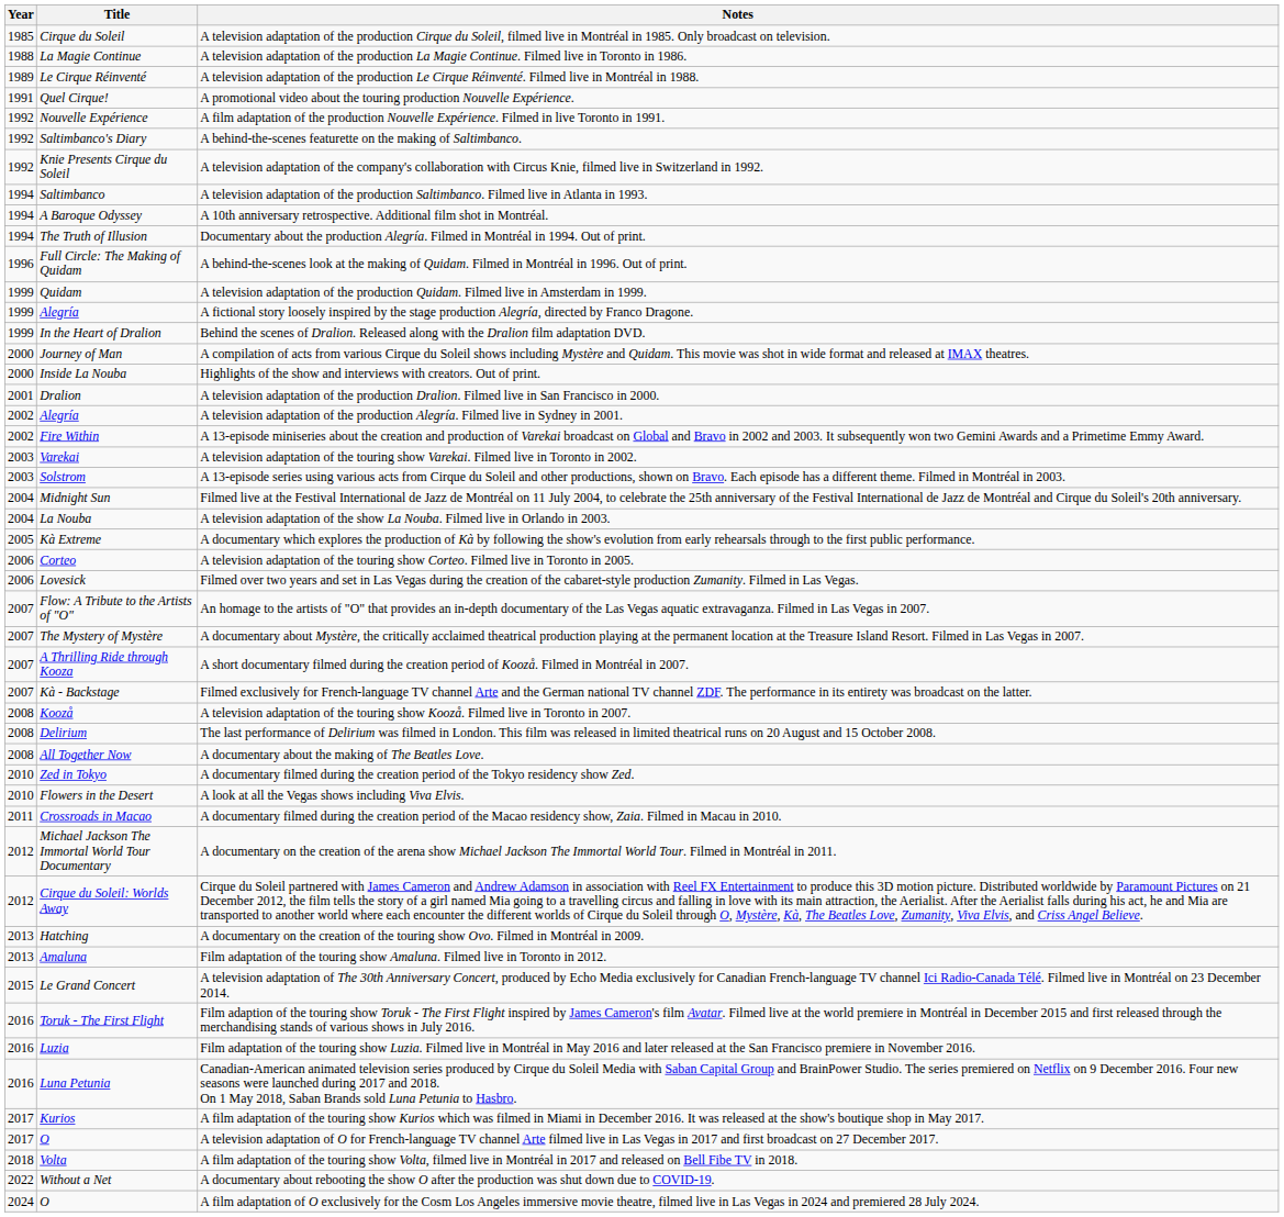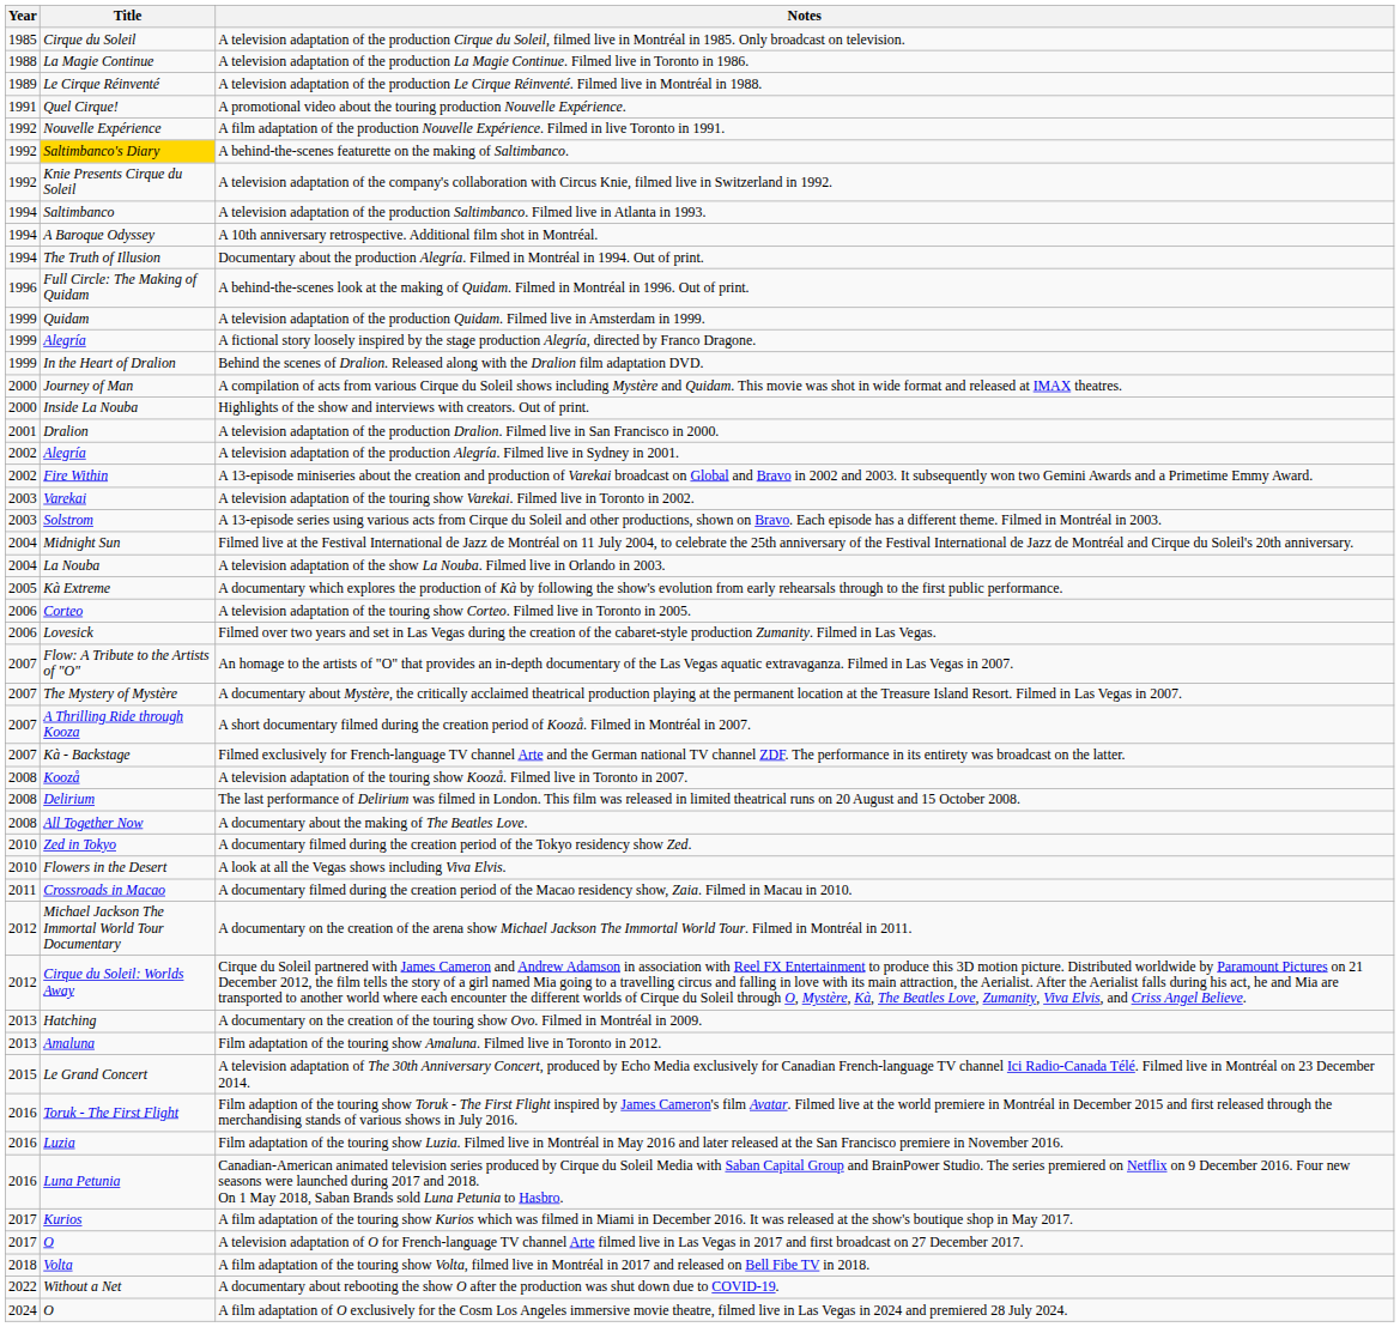 <table class="wikitable mw-collapsible mw-collapsed">
 <tr>
 <th>Year</th>
 <th width="190">Title</th>
 <th>Notes</th>
 </tr>
 <tr>
 <td>1985</td>
 <td><em>Cirque du Soleil</em></td>
 <td>A television adaptation of the production <em>Cirque du Soleil</em>, filmed live in Montréal in 1985. Only broadcast on television.</td>
 </tr>
 <tr>
 <td>1988</td>
 <td><em>La Magie Continue</em></td>
 <td>A television adaptation of the production <em>La Magie Continue</em>. Filmed live in Toronto in 1986.</td>
 </tr>
 <tr>
 <td>1989</td>
 <td><em>Le Cirque Réinventé</em></td>
 <td>A television adaptation of the production <em>Le Cirque Réinventé</em>. Filmed live in Montréal in 1988.</td>
 </tr>
 <tr>
 <td>1991</td>
 <td><em>Quel Cirque!</em></td>
 <td>A promotional video about the touring production <em>Nouvelle Expérience</em>.</td>
 </tr>
 <tr>
 <td>1992</td>
 <td><em>Nouvelle Expérience</em></td>
 <td>A film adaptation of the production <em>Nouvelle Expérience</em>. Filmed in live Toronto in 1991.</td>
 </tr>
 <tr>
 <td>1992</td>
-<td><em>Saltimbanco's Diary</em></td>
+<td style="background: gold;"><em>Saltimbanco's Diary</em></td>
 <td>A behind-the-scenes featurette on the making of <em>Saltimbanco</em>.</td>
 </tr>
 <tr>
 <td>1992</td>
 <td><em>Knie Presents Cirque du Soleil</em></td>
 <td>A television adaptation of the company's collaboration with Circus Knie, filmed live in Switzerland in 1992.</td>
 </tr>
 <tr>
 <td>1994</td>
 <td><em>Saltimbanco</em></td>
 <td>A television adaptation of the production <em>Saltimbanco</em>. Filmed live in Atlanta in 1993.</td>
 </tr>
 <tr>
 <td>1994</td>
 <td><em>A Baroque Odyssey</em></td>
 <td>A 10th anniversary retrospective. Additional film shot in Montréal.</td>
 </tr>
 <tr>
 <td>1994</td>
 <td><em>The Truth of Illusion</em></td>
 <td>Documentary about the production <em>Alegría</em>. Filmed in Montréal in 1994. Out of print.</td>
 </tr>
 <tr>
 <td>1996</td>
 <td><em>Full Circle: The Making of Quidam</em></td>
 <td>A behind-the-scenes look at the making of <em>Quidam</em>. Filmed in Montréal in 1996. Out of print.</td>
 </tr>
 <tr>
 <td>1999</td>
 <td><em>Quidam</em></td>
 <td>A television adaptation of the production <em>Quidam</em>. Filmed live in Amsterdam in 1999.</td>
 </tr>
 <tr>
 <td>1999</td>
 <td><em><a href='#'>Alegría</a></em></td>
 <td>A fictional story loosely inspired by the stage production <em>Alegría</em>, directed by Franco Dragone.</td>
 </tr>
 <tr>
 <td>1999</td>
 <td><em>In the Heart of Dralion</em></td>
 <td>Behind the scenes of <em>Dralion</em>. Released along with the <em>Dralion</em> film adaptation DVD.</td>
 </tr>
 <tr>
 <td>2000</td>
 <td><em>Journey of Man</em></td>
 <td>A compilation of acts from various Cirque du Soleil shows including <em>Mystère</em> and <em>Quidam</em>. This movie was shot in wide format and released at <a href='#'>IMAX</a> theatres.</td>
 </tr>
 <tr>
 <td>2000</td>
 <td><em>Inside La Nouba</em></td>
 <td>Highlights of the show and interviews with creators. Out of print.</td>
 </tr>
 <tr>
 <td>2001</td>
 <td><em>Dralion</em></td>
 <td>A television adaptation of the production <em>Dralion</em>. Filmed live in San Francisco in 2000.</td>
 </tr>
 <tr>
 <td>2002</td>
 <td><em><a href='#'>Alegría</a></em></td>
 <td>A television adaptation of the production <em>Alegría</em>. Filmed live in Sydney in 2001.</td>
 </tr>
 <tr>
 <td>2002</td>
 <td><em><a href='#'>Fire Within</a></em></td>
 <td>A 13-episode miniseries about the creation and production of <em>Varekai</em> broadcast on <a href='#'>Global</a> and <a href='#'>Bravo</a> in 2002 and 2003. It subsequently won two Gemini Awards and a Primetime Emmy Award.</td>
 </tr>
 <tr>
 <td>2003</td>
 <td><em><a href='#'>Varekai</a></em></td>
 <td>A television adaptation of the touring show <em>Varekai</em>. Filmed live in Toronto in 2002.</td>
 </tr>
 <tr>
 <td>2003</td>
 <td><em><a href='#'>Solstrom</a></em></td>
 <td>A 13-episode series using various acts from Cirque du Soleil and other productions, shown on <a href='#'>Bravo</a>. Each episode has a different theme. Filmed in Montréal in 2003.</td>
 </tr>
 <tr>
 <td>2004</td>
 <td><em>Midnight Sun</em></td>
 <td>Filmed live at the Festival International de Jazz de Montréal on 11 July 2004, to celebrate the 25th anniversary of the Festival International de Jazz de Montréal and Cirque du Soleil's 20th anniversary.</td>
 </tr>
 <tr>
 <td>2004</td>
 <td><em>La Nouba</em></td>
 <td>A television adaptation of the show <em>La Nouba</em>. Filmed live in Orlando in 2003.</td>
 </tr>
 <tr>
 <td>2005</td>
 <td><em>Kà Extreme</em></td>
 <td>A documentary which explores the production of <em>Kà</em> by following the show's evolution from early rehearsals through to the first public performance.</td>
 </tr>
 <tr>
 <td>2006</td>
 <td><em><a href='#'>Corteo</a></em></td>
 <td>A television adaptation of the touring show <em>Corteo</em>. Filmed live in Toronto in 2005.</td>
 </tr>
 <tr>
 <td>2006</td>
 <td><em>Lovesick</em></td>
 <td>Filmed over two years and set in Las Vegas during the creation of the cabaret-style production <em>Zumanity</em>. Filmed in Las Vegas.</td>
 </tr>
 <tr>
 <td>2007</td>
 <td><em>Flow: A Tribute to the Artists of "O"</em></td>
 <td>An homage to the artists of "O" that provides an in-depth documentary of the Las Vegas aquatic extravaganza. Filmed in Las Vegas in 2007.</td>
 </tr>
 <tr>
 <td>2007</td>
 <td><em>The Mystery of Mystère</em></td>
 <td>A documentary about <em>Mystère</em>, the critically acclaimed theatrical production playing at the permanent location at the Treasure Island Resort. Filmed in Las Vegas in 2007.</td>
 </tr>
 <tr>
 <td>2007</td>
 <td><em><a href='#'>A Thrilling Ride through Kooza</a></em></td>
 <td>A short documentary filmed during the creation period of <em>Koozå</em>. Filmed in Montréal in 2007.</td>
 </tr>
 <tr>
 <td>2007</td>
 <td><em>Kà - Backstage</em></td>
 <td>Filmed exclusively for French-language TV channel <a href='#'>Arte</a> and the German national TV channel <a href='#'>ZDF</a>. The performance in its entirety was broadcast on the latter.</td>
 </tr>
 <tr>
 <td>2008</td>
 <td><em><a href='#'>Koozå</a></em></td>
 <td>A television adaptation of the touring show <em>Koozå</em>. Filmed live in Toronto in 2007.</td>
 </tr>
 <tr>
 <td>2008</td>
 <td><em><a href='#'>Delirium</a></em></td>
 <td>The last performance of <em>Delirium</em> was filmed in London. This film was released in limited theatrical runs on 20 August and 15 October 2008.</td>
 </tr>
 <tr>
 <td>2008</td>
 <td><em><a href='#'>All Together Now</a></em></td>
 <td>A documentary about the making of <em>The Beatles Love</em>.</td>
 </tr>
 <tr>
 <td>2010</td>
 <td><em><a href='#'>Zed in Tokyo</a></em></td>
 <td>A documentary filmed during the creation period of the Tokyo residency show <em>Zed</em>.</td>
 </tr>
 <tr>
 <td>2010</td>
 <td><em>Flowers in the Desert</em></td>
 <td>A look at all the Vegas shows including <em>Viva Elvis</em>.</td>
 </tr>
 <tr>
 <td>2011</td>
 <td><em><a href='#'>Crossroads in Macao</a></em></td>
 <td>A documentary filmed during the creation period of the Macao residency show, <em>Zaia</em>. Filmed in Macau in 2010.</td>
 </tr>
 <tr>
 <td>2012</td>
 <td><em>Michael Jackson The Immortal World Tour Documentary</em></td>
 <td>A documentary on the creation of the arena show <em>Michael Jackson The Immortal World Tour</em>. Filmed in Montréal in 2011.</td>
 </tr>
 <tr>
 <td>2012</td>
 <td><em><a href='#'>Cirque du Soleil: Worlds Away</a></em></td>
 <td>Cirque du Soleil partnered with <a href='#'>James Cameron</a> and <a href='#'>Andrew Adamson</a> in association with <a href='#'>Reel FX Entertainment</a> to produce this 3D motion picture. Distributed worldwide by <a href='#'>Paramount Pictures</a> on 21 December 2012, the film tells the story of a girl named Mia going to a travelling circus and falling in love with its main attraction, the Aerialist. After the Aerialist falls during his act, he and Mia are transported to another world where each encounter the different worlds of Cirque du Soleil through <em><a href='#'>O</a></em>, <em><a href='#'>Mystère</a></em>, <em><a href='#'>Kà</a></em>, <em><a href='#'>The Beatles Love</a></em>, <em><a href='#'>Zumanity</a></em>, <em><a href='#'>Viva Elvis</a></em>, and <em><a href='#'>Criss Angel Believe</a></em>.</td>
 </tr>
 <tr>
 <td>2013</td>
 <td><em>Hatching</em></td>
 <td>A documentary on the creation of the touring show <em>Ovo</em>. Filmed in Montréal in 2009.</td>
 </tr>
 <tr>
 <td>2013</td>
 <td><em><a href='#'>Amaluna</a></em></td>
 <td>Film adaptation of the touring show <em>Amaluna</em>. Filmed live in Toronto in 2012.</td>
 </tr>
 <tr>
 <td>2015</td>
 <td><em>Le Grand Concert</em></td>
 <td>A television adaptation of <em>The 30th Anniversary Concert</em>, produced by Echo Media exclusively for Canadian French-language TV channel <a href='#'>Ici Radio-Canada Télé</a>. Filmed live in Montréal on 23 December 2014.</td>
 </tr>
 <tr>
 <td>2016</td>
 <td><em><a href='#'>Toruk - The First Flight</a></em></td>
 <td>Film adaption of the touring show <em>Toruk - The First Flight</em> inspired by <a href='#'>James Cameron</a>'s film <em><a href='#'>Avatar</a></em>. Filmed live at the world premiere in Montréal in December 2015 and first released through the merchandising stands of various shows in July 2016.</td>
 </tr>
 <tr>
 <td>2016</td>
 <td><em><a href='#'>Luzia</a></em></td>
 <td>Film adaptation of the touring show <em>Luzia</em>. Filmed live in Montréal in May 2016 and later released at the San Francisco premiere in November 2016.</td>
 </tr>
 <tr>
 <td>2016</td>
 <td><em><a href='#'>Luna Petunia</a></em></td>
 <td>Canadian-American animated television series produced by Cirque du Soleil Media with <a href='#'>Saban Capital Group</a> and BrainPower Studio. The series premiered on <a href='#'>Netflix</a> on 9 December 2016. Four new seasons were launched during 2017 and 2018.<br>On 1 May 2018, Saban Brands sold <em>Luna Petunia</em> to <a href='#'>Hasbro</a>.</td>
 </tr>
 <tr>
 <td>2017</td>
 <td><em><a href='#'>Kurios</a></em></td>
 <td>A film adaptation of the touring show <em>Kurios</em> which was filmed in Miami in December 2016. It was released at the show's boutique shop in May 2017.</td>
 </tr>
 <tr>
 <td>2017</td>
 <td><em><a href='#'>O</a></em></td>
 <td>A television adaptation of <em>O</em> for French-language TV channel <a href='#'>Arte</a> filmed live in Las Vegas in 2017 and first broadcast on 27 December 2017.</td>
 </tr>
 <tr>
 <td>2018</td>
 <td><em><a href='#'>Volta</a></em></td>
 <td>A film adaptation of the touring show <em>Volta</em>, filmed live in Montréal in 2017 and released on <a href='#'>Bell Fibe TV</a> in 2018.</td>
 </tr>
 <tr>
 <td>2022</td>
 <td><em>Without a Net</em></td>
 <td>A documentary about rebooting the show <em>O</em> after the production was shut down due to <a href='#'>COVID-19</a>.</td>
 </tr>
 <tr>
 <td>2024</td>
 <td><em>O</em></td>
 <td>A film adaptation of <em>O</em> exclusively for the Cosm Los Angeles immersive movie theatre, filmed live in Las Vegas in 2024 and premiered 28 July 2024.</td>
 </tr>
 </table>
